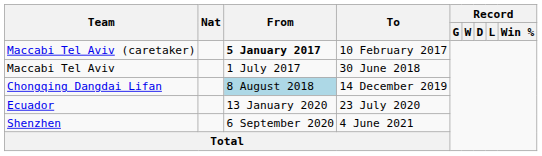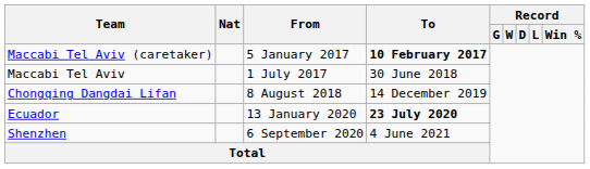 <table class="wikitable" style="text-align: center">
 <tr>
 <th rowspan="2">Team</th>
 <th rowspan="2">Nat</th>
 <th rowspan="2">From</th>
 <th rowspan="2">To</th>
 <th colspan="5">Record</th>
 </tr>
 <tr>
 <th>G</th>
 <th>W</th>
 <th>D</th>
 <th>L</th>
 <th>Win %</th>
 </tr>
 <tr>
 <td align=left><a href='#'>Maccabi Tel Aviv</a> (caretaker)</td>
 <td></td>
-<td align=left><strong>5 January 2017</strong></td>
-<td align=left>10 February 2017<br></td>
+<td align=left>5 January 2017</td>
+<td align=left><strong>10 February 2017<br></strong></td>
 </tr>
 <tr>
 <td align=left>Maccabi Tel Aviv</td>
 <td></td>
 <td align=left>1 July 2017</td>
 <td align=left>30 June 2018<br></td>
 </tr>
 <tr>
 <td align=left><a href='#'>Chongqing Dangdai Lifan</a></td>
 <td></td>
-<td align=left style="background: lightblue;">8 August 2018</td>
+<td align=left>8 August 2018</td>
 <td align=left>14 December 2019<br></td>
 </tr>
 <tr>
 <td align=left><a href='#'>Ecuador</a></td>
 <td></td>
 <td align=left>13 January 2020</td>
-<td align=left>23 July 2020<br></td>
+<td align=left><strong>23 July 2020<br></strong></td>
 </tr>
 <tr>
 <td align=left><a href='#'>Shenzhen</a></td>
 <td></td>
 <td align=left>6 September 2020</td>
 <td align=left>4 June 2021<br></td>
 </tr>
 <tr>
 <th colspan="4">Total<br></th>
 </tr>
 </table>
